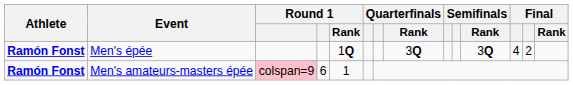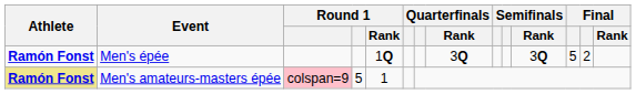 <table class="wikitable" style="font-size:90%">
 <tr>
 <th rowspan=2>Athlete</th>
 <th rowspan=2>Event</th>
 <th colspan=3>Round 1</th>
 <th colspan=3>Quarterfinals</th>
 <th colspan=3>Semifinals</th>
 <th colspan=3>Final</th>
 </tr>
 <tr style="font-size:95%">
 <th></th>
 <th></th>
 <th>Rank</th>
 <th></th>
 <th></th>
 <th>Rank</th>
 <th></th>
 <th></th>
 <th>Rank</th>
 <th></th>
 <th></th>
 <th>Rank</th>
 </tr>
 <tr align=center>
 <td align=left><strong><a href='#'>Ramón Fonst</a></strong></td>
 <td align=left><a href='#'>Men's épée</a></td>
 <td></td>
 <td></td>
 <td>1<strong>Q</strong></td>
 <td></td>
 <td></td>
 <td>3<strong>Q</strong></td>
 <td></td>
 <td></td>
 <td>3<strong>Q</strong></td>
-<td>4</td>
+<td>5</td>
 <td>2</td>
 <td></td>
 </tr>
 <tr align=center>
-<td align=left><strong><a href='#'>Ramón Fonst</a></strong></td>
+<td align=left style="background: khaki;"><strong><a href='#'>Ramón Fonst</a></strong></td>
 <td align=left><a href='#'>Men's amateurs-masters épée</a></td>
 <td style="background: pink;">colspan=9 </td>
-<td>6</td>
+<td>5</td>
 <td>1</td>
 <td></td>
 </tr>
 </table>
